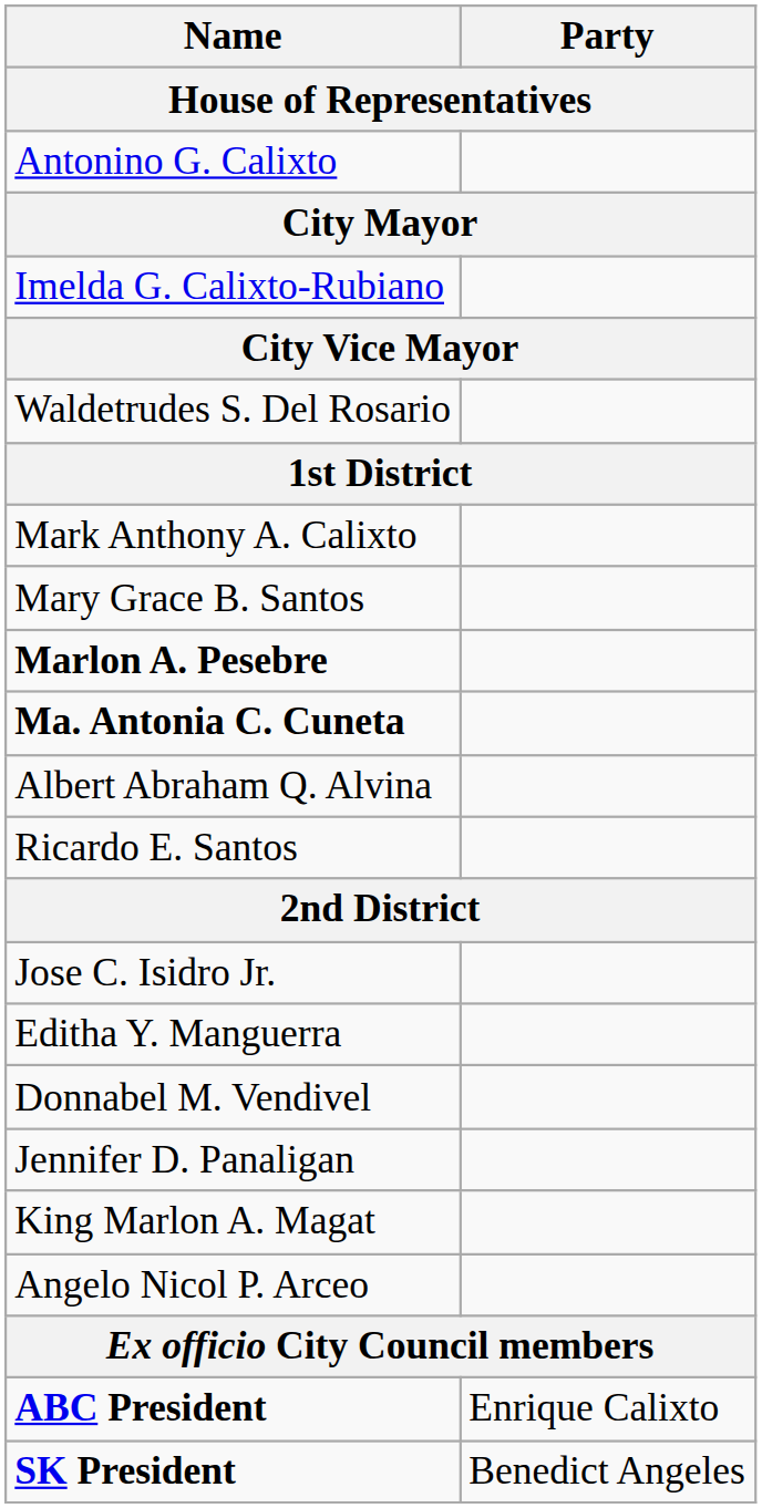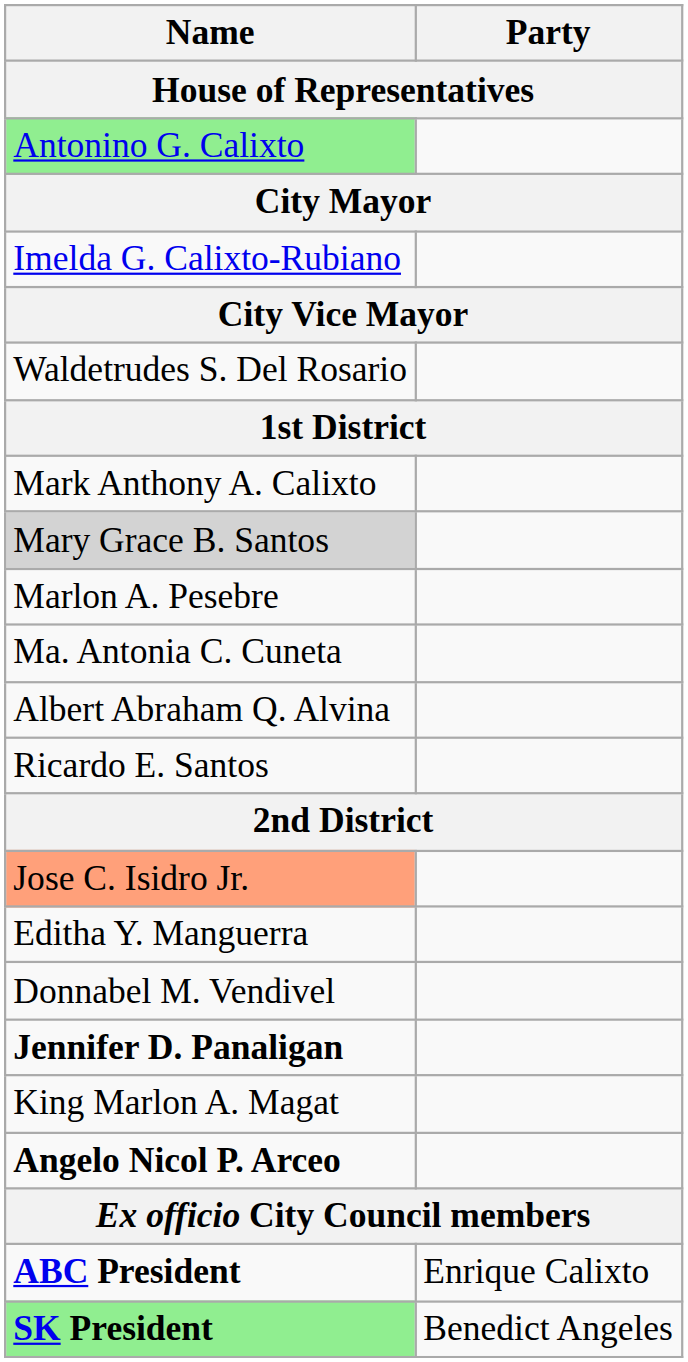 <table class=wikitable>
 <tr>
 <th>Name</th>
 <th colspan=2>Party</th>
 </tr>
 <tr>
 <th colspan=3>House of Representatives</th>
 </tr>
 <tr>
-<td><a href='#'>Antonino G. Calixto</a></td>
+<td style="background: lightgreen;"><a href='#'>Antonino G. Calixto</a></td>
 <td></td>
 </tr>
 <tr>
 <th colspan=3>City Mayor</th>
 </tr>
 <tr>
 <td><a href='#'>Imelda G. Calixto-Rubiano</a></td>
 <td></td>
 </tr>
 <tr>
 <th colspan=3>City Vice Mayor</th>
 </tr>
 <tr>
 <td>Waldetrudes S. Del Rosario</td>
 <td></td>
 </tr>
 <tr>
 <th colspan=3>1st District</th>
 </tr>
 <tr>
 <td>Mark Anthony A. Calixto</td>
 <td></td>
 </tr>
 <tr>
-<td>Mary Grace B. Santos</td>
+<td style="background: lightgrey;">Mary Grace B. Santos</td>
 <td></td>
 </tr>
 <tr>
-<td><strong>Marlon A. Pesebre</strong></td>
+<td>Marlon A. Pesebre</td>
 <td></td>
 </tr>
 <tr>
-<td><strong>Ma. Antonia C. Cuneta</strong></td>
+<td>Ma. Antonia C. Cuneta</td>
 <td></td>
 </tr>
 <tr>
 <td>Albert Abraham Q. Alvina</td>
 <td></td>
 </tr>
 <tr>
 <td>Ricardo E. Santos</td>
 <td></td>
 </tr>
 <tr>
 <th colspan=3>2nd District</th>
 </tr>
 <tr>
-<td>Jose C. Isidro Jr.</td>
+<td style="background: lightsalmon;">Jose C. Isidro Jr.</td>
 <td></td>
 </tr>
 <tr>
 <td>Editha Y. Manguerra</td>
 <td></td>
 </tr>
 <tr>
 <td>Donnabel M. Vendivel</td>
 <td></td>
 </tr>
 <tr>
-<td>Jennifer D. Panaligan</td>
+<td><strong>Jennifer D. Panaligan</strong></td>
 <td></td>
 </tr>
 <tr>
 <td>King Marlon A. Magat</td>
 <td></td>
 </tr>
 <tr>
-<td>Angelo Nicol P. Arceo</td>
+<td><strong>Angelo Nicol P. Arceo</strong></td>
 <td></td>
 </tr>
 <tr>
 <th colspan=4><em>Ex officio</em> City Council members</th>
 </tr>
 <tr>
 <td><strong><a href='#'>ABC</a> President</strong></td>
 <td colspan=3>Enrique Calixto<br></td>
 </tr>
 <tr>
-<td><strong><a href='#'>SK</a> President</strong></td>
+<td style="background: lightgreen;"><strong><a href='#'>SK</a> President</strong></td>
 <td colspan=3>Benedict Angeles<br></td>
 </tr>
 </table>
